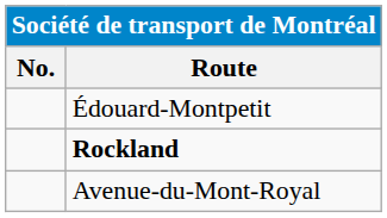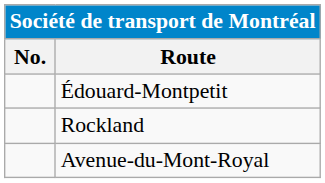 <table align=center class="wikitable">
 <tr>
 <th style="background: #0085CA; font-size:100%; color:#FFFFFF;" colspan="3">Société de transport de Montréal</th>
 </tr>
 <tr>
 <th>No.</th>
 <th>Route</th>
 </tr>
 <tr>
 <td {{Avoid wrap> </td>
 <td>Édouard-Montpetit</td>
 </tr>
 <tr>
 <td></td>
-<td><strong>Rockland</strong></td>
+<td>Rockland</td>
 </tr>
 <tr>
 <td {{Avoid wrap> </td>
 <td>Avenue-du-Mont-Royal</td>
 </tr>
 </table>
